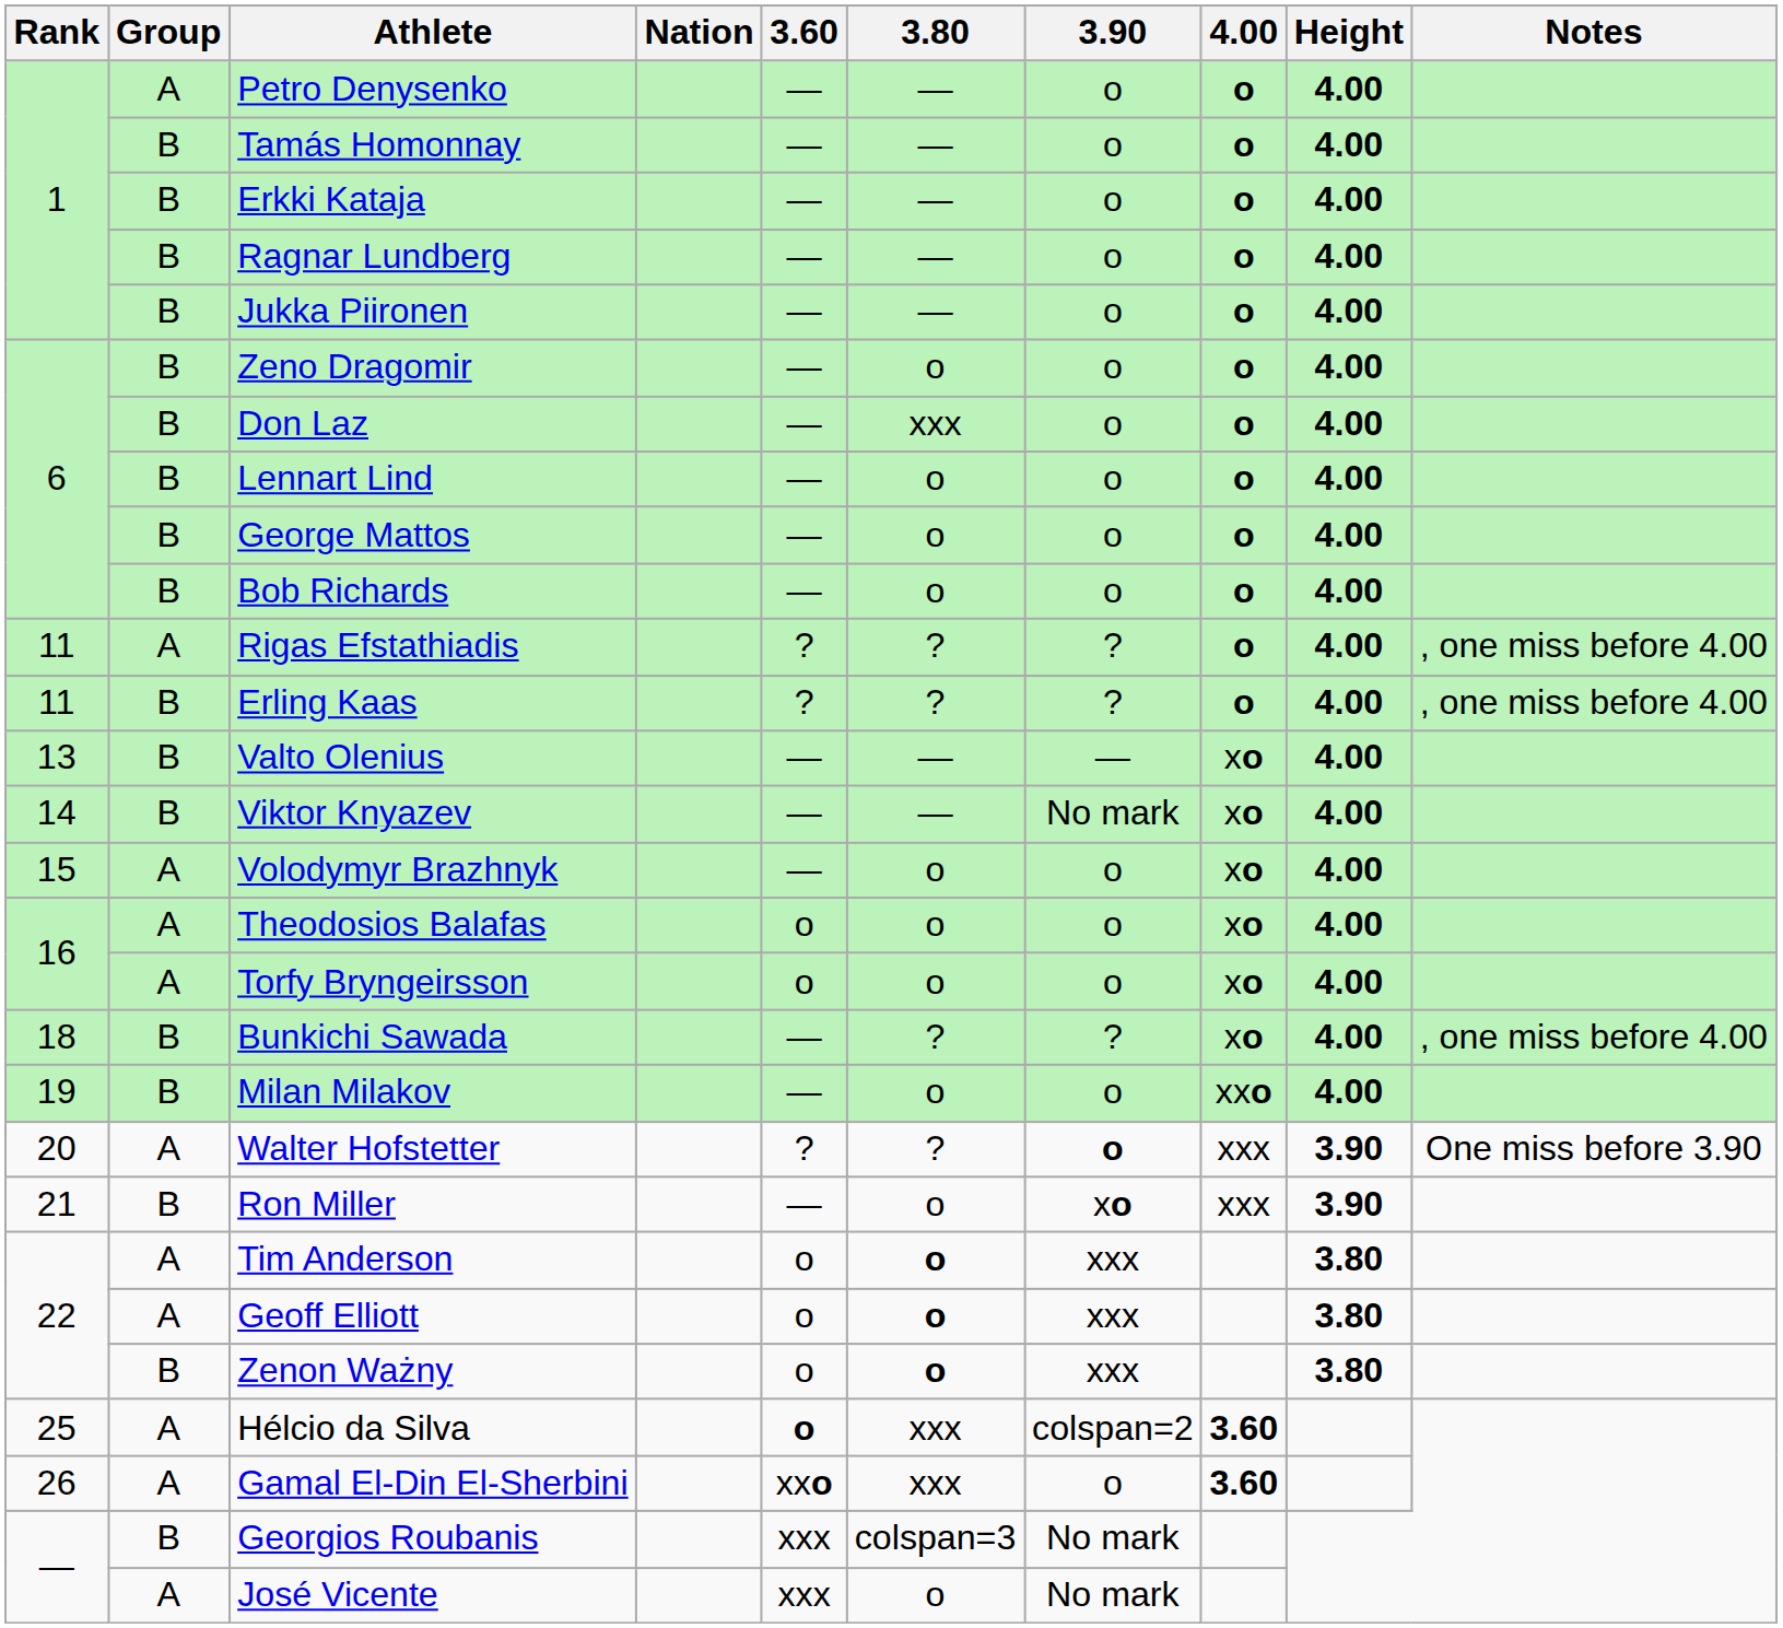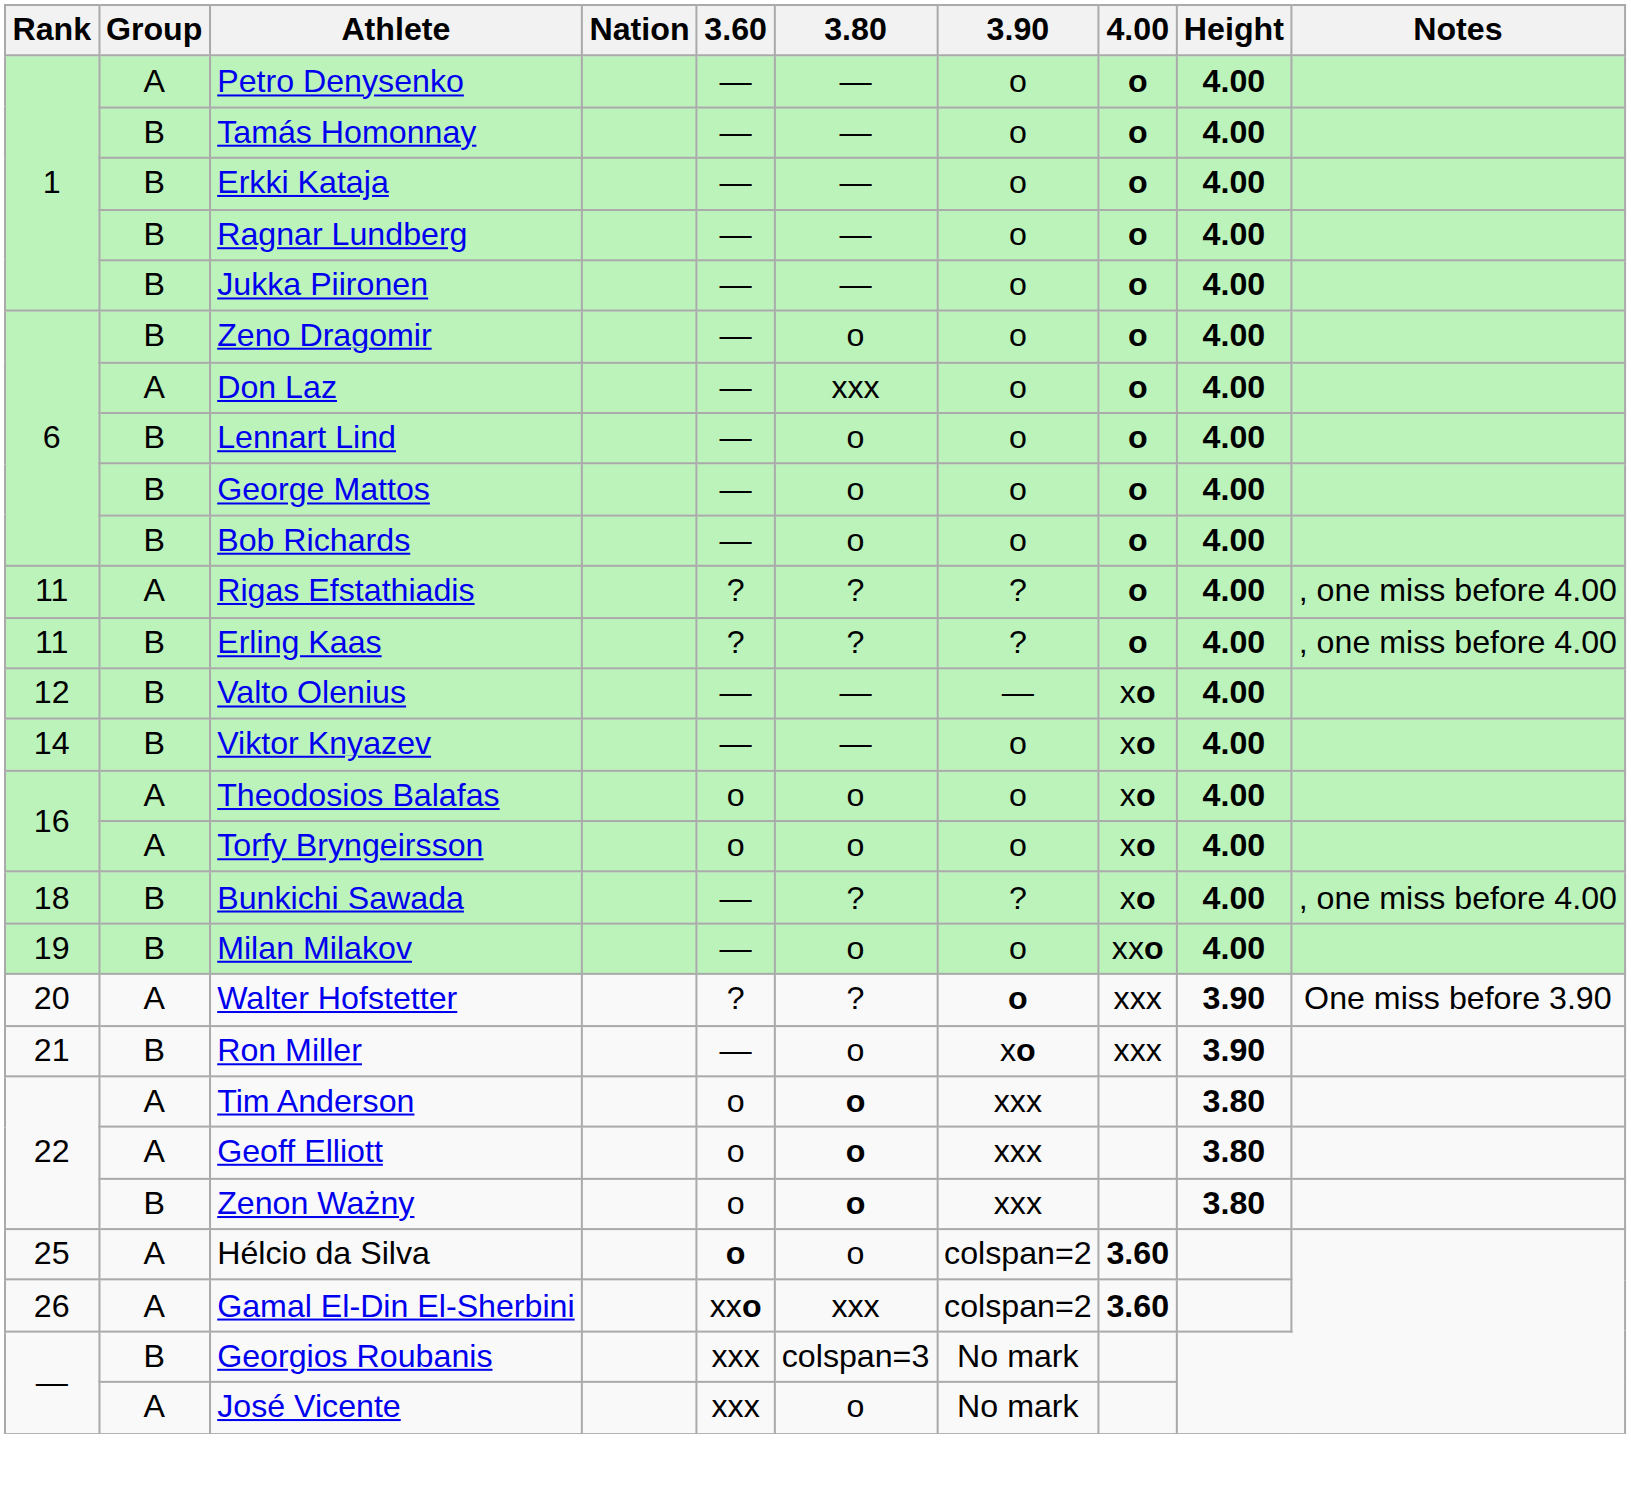 <table class="wikitable sortable" style="text-align:center">
 <tr>
 <th>Rank</th>
 <th>Group</th>
 <th>Athlete</th>
 <th>Nation</th>
 <th>3.60</th>
 <th>3.80</th>
 <th>3.90</th>
 <th>4.00</th>
 <th>Height</th>
 <th>Notes</th>
 </tr>
 <tr bgcolor=bbf3bb>
 <td rowspan=5>1</td>
 <td>A</td>
 <td align="left"><a href='#'>Petro Denysenko</a></td>
 <td align="left"></td>
 <td>—</td>
 <td>—</td>
 <td>o</td>
 <td><strong>o</strong></td>
 <td><strong>4.00</strong></td>
 <td></td>
 </tr>
 <tr bgcolor=bbf3bb>
 <td>B</td>
 <td align="left"><a href='#'>Tamás Homonnay</a></td>
 <td align="left"></td>
 <td>—</td>
 <td>—</td>
 <td>o</td>
 <td><strong>o</strong></td>
 <td><strong>4.00</strong></td>
 <td></td>
 </tr>
 <tr bgcolor=bbf3bb>
 <td>B</td>
 <td align="left"><a href='#'>Erkki Kataja</a></td>
 <td align="left"></td>
 <td>—</td>
 <td>—</td>
 <td>o</td>
 <td><strong>o</strong></td>
 <td><strong>4.00</strong></td>
 <td></td>
 </tr>
 <tr bgcolor=bbf3bb>
 <td>B</td>
 <td align="left"><a href='#'>Ragnar Lundberg</a></td>
 <td align="left"></td>
 <td>—</td>
 <td>—</td>
 <td>o</td>
 <td><strong>o</strong></td>
 <td><strong>4.00</strong></td>
 <td></td>
 </tr>
 <tr bgcolor=bbf3bb>
 <td>B</td>
 <td align="left"><a href='#'>Jukka Piironen</a></td>
 <td align="left"></td>
 <td>—</td>
 <td>—</td>
 <td>o</td>
 <td><strong>o</strong></td>
 <td><strong>4.00</strong></td>
 <td></td>
 </tr>
 <tr bgcolor=bbf3bb>
 <td rowspan=5>6</td>
 <td>B</td>
 <td align="left"><a href='#'>Zeno Dragomir</a></td>
 <td align="left"></td>
 <td>—</td>
 <td>o</td>
 <td>o</td>
 <td><strong>o</strong></td>
 <td><strong>4.00</strong></td>
 <td></td>
 </tr>
 <tr bgcolor=bbf3bb>
-<td>B</td>
+<td>A</td>
 <td align="left"><a href='#'>Don Laz</a></td>
 <td align="left"></td>
 <td>—</td>
 <td>xxx</td>
 <td>o</td>
 <td><strong>o</strong></td>
 <td><strong>4.00</strong></td>
 <td></td>
 </tr>
 <tr bgcolor=bbf3bb>
 <td>B</td>
 <td align="left"><a href='#'>Lennart Lind</a></td>
 <td align="left"></td>
 <td>—</td>
 <td>o</td>
 <td>o</td>
 <td><strong>o</strong></td>
 <td><strong>4.00</strong></td>
 <td></td>
 </tr>
 <tr bgcolor=bbf3bb>
 <td>B</td>
 <td align="left"><a href='#'>George Mattos</a></td>
 <td align="left"></td>
 <td>—</td>
 <td>o</td>
 <td>o</td>
 <td><strong>o</strong></td>
 <td><strong>4.00</strong></td>
 <td></td>
 </tr>
 <tr bgcolor=bbf3bb>
 <td>B</td>
 <td align="left"><a href='#'>Bob Richards</a></td>
 <td align="left"></td>
 <td>—</td>
 <td>o</td>
 <td>o</td>
 <td><strong>o</strong></td>
 <td><strong>4.00</strong></td>
 <td></td>
 </tr>
 <tr bgcolor=bbf3bb>
 <td>11</td>
 <td>A</td>
 <td align="left"><a href='#'>Rigas Efstathiadis</a></td>
 <td align="left"></td>
 <td>?</td>
 <td>?</td>
 <td>?</td>
 <td><strong>o</strong></td>
 <td><strong>4.00</strong></td>
 <td>, one miss before 4.00</td>
 </tr>
 <tr bgcolor=bbf3bb>
 <td>11</td>
 <td>B</td>
 <td align="left"><a href='#'>Erling Kaas</a></td>
 <td align="left"></td>
 <td>?</td>
 <td>?</td>
 <td>?</td>
 <td><strong>o</strong></td>
 <td><strong>4.00</strong></td>
 <td>, one miss before 4.00</td>
 </tr>
 <tr bgcolor=bbf3bb>
-<td>13</td>
+<td>12</td>
 <td>B</td>
 <td align="left"><a href='#'>Valto Olenius</a></td>
 <td align="left"></td>
 <td>—</td>
 <td>—</td>
 <td>—</td>
 <td>x<strong>o</strong></td>
 <td><strong>4.00</strong></td>
 <td></td>
 </tr>
 <tr bgcolor=bbf3bb>
 <td>14</td>
 <td>B</td>
 <td align="left"><a href='#'>Viktor Knyazev</a></td>
 <td align="left"></td>
 <td>—</td>
 <td>—</td>
-<td data-sort-value=1.00>No mark</td>
-<td>x<strong>o</strong></td>
-<td><strong>4.00</strong></td>
-<td></td>
-</tr>
-<tr bgcolor=bbf3bb>
-<td>15</td>
-<td>A</td>
-<td align="left"><a href='#'>Volodymyr Brazhnyk</a></td>
-<td align="left"></td>
-<td>—</td>
-<td>o</td>
 <td>o</td>
 <td>x<strong>o</strong></td>
 <td><strong>4.00</strong></td>
 <td></td>
 </tr>
 <tr bgcolor=bbf3bb>
 <td rowspan=2>16</td>
 <td>A</td>
 <td align="left"><a href='#'>Theodosios Balafas</a></td>
 <td align="left"></td>
 <td>o</td>
 <td>o</td>
 <td>o</td>
 <td>x<strong>o</strong></td>
 <td><strong>4.00</strong></td>
 <td></td>
 </tr>
 <tr bgcolor=bbf3bb>
 <td>A</td>
 <td align="left"><a href='#'>Torfy Bryngeirsson</a></td>
 <td align="left"></td>
 <td>o</td>
 <td>o</td>
 <td>o</td>
 <td>x<strong>o</strong></td>
 <td><strong>4.00</strong></td>
 <td></td>
 </tr>
 <tr bgcolor=bbf3bb>
 <td>18</td>
 <td>B</td>
 <td align="left"><a href='#'>Bunkichi Sawada</a></td>
 <td align="left"></td>
 <td>—</td>
 <td>?</td>
 <td>?</td>
 <td>x<strong>o</strong></td>
 <td><strong>4.00</strong></td>
 <td>, one miss before 4.00</td>
 </tr>
 <tr bgcolor=bbf3bb>
 <td>19</td>
 <td>B</td>
 <td align="left"><a href='#'>Milan Milakov</a></td>
 <td align="left"></td>
 <td>—</td>
 <td>o</td>
 <td>o</td>
 <td>xx<strong>o</strong></td>
 <td><strong>4.00</strong></td>
 <td></td>
 </tr>
 <tr>
 <td>20</td>
 <td>A</td>
 <td align="left"><a href='#'>Walter Hofstetter</a></td>
 <td align="left"></td>
 <td>?</td>
 <td>?</td>
 <td><strong>o</strong></td>
 <td>xxx</td>
 <td><strong>3.90</strong></td>
 <td>One miss before 3.90</td>
 </tr>
 <tr>
 <td>21</td>
 <td>B</td>
 <td align="left"><a href='#'>Ron Miller</a></td>
 <td align="left"></td>
 <td>—</td>
 <td>o</td>
 <td>x<strong>o</strong></td>
 <td>xxx</td>
 <td><strong>3.90</strong></td>
 <td></td>
 </tr>
 <tr>
 <td rowspan=3>22</td>
 <td>A</td>
 <td align="left"><a href='#'>Tim Anderson</a></td>
 <td align="left"></td>
 <td>o</td>
 <td><strong>o</strong></td>
 <td>xxx</td>
 <td></td>
 <td><strong>3.80</strong></td>
 <td></td>
 </tr>
 <tr>
 <td>A</td>
 <td align="left"><a href='#'>Geoff Elliott</a></td>
 <td align="left"></td>
 <td>o</td>
 <td><strong>o</strong></td>
 <td>xxx</td>
 <td></td>
 <td><strong>3.80</strong></td>
 <td></td>
 </tr>
 <tr>
 <td>B</td>
 <td align="left"><a href='#'>Zenon Ważny</a></td>
 <td align="left"></td>
 <td>o</td>
 <td><strong>o</strong></td>
 <td>xxx</td>
 <td></td>
 <td><strong>3.80</strong></td>
 <td></td>
 </tr>
 <tr>
 <td>25</td>
 <td>A</td>
 <td align="left">Hélcio da Silva</td>
 <td align="left"></td>
 <td><strong>o</strong></td>
-<td>xxx</td>
+<td>o</td>
 <td>colspan=2 </td>
 <td><strong>3.60</strong></td>
 <td></td>
 </tr>
 <tr>
 <td>26</td>
 <td>A</td>
 <td align="left"><a href='#'>Gamal El-Din El-Sherbini</a></td>
 <td align="left"></td>
 <td>xx<strong>o</strong></td>
 <td>xxx</td>
-<td>o</td>
+<td>colspan=2 </td>
 <td><strong>3.60</strong></td>
 <td></td>
 </tr>
 <tr>
 <td rowspan=2 data-sort-value=27>—</td>
 <td>B</td>
 <td align="left"><a href='#'>Georgios Roubanis</a></td>
 <td align="left"></td>
 <td>xxx</td>
 <td>colspan=3 </td>
 <td data-sort-value=1.00>No mark</td>
 <td></td>
 </tr>
 <tr>
 <td>A</td>
 <td align="left"><a href='#'>José Vicente</a></td>
 <td align="left"></td>
 <td>xxx</td>
 <td>o</td>
 <td data-sort-value=1.00>No mark</td>
 <td></td>
 </tr>
 </table>
